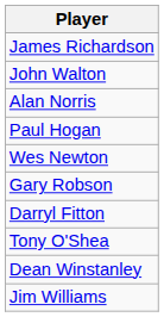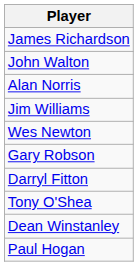 <table class="wikitable">
 <tr>
 <th>Player</th>
 </tr>
 <tr>
 <td> <a href='#'>James Richardson</a></td>
 </tr>
 <tr>
 <td> <a href='#'>John Walton</a></td>
 </tr>
 <tr>
 <td> <a href='#'>Alan Norris</a></td>
 </tr>
 <tr>
-<td> <a href='#'>Paul Hogan</a></td>
+<td> <a href='#'>Jim Williams</a></td>
 </tr>
 <tr>
 <td> <a href='#'>Wes Newton</a></td>
 </tr>
 <tr>
 <td> <a href='#'>Gary Robson</a></td>
 </tr>
 <tr>
 <td> <a href='#'>Darryl Fitton</a></td>
 </tr>
 <tr>
 <td> <a href='#'>Tony O'Shea</a></td>
 </tr>
 <tr>
 <td> <a href='#'>Dean Winstanley</a></td>
 </tr>
 <tr>
-<td> <a href='#'>Jim Williams</a></td>
+<td> <a href='#'>Paul Hogan</a></td>
 </tr>
 </table>
